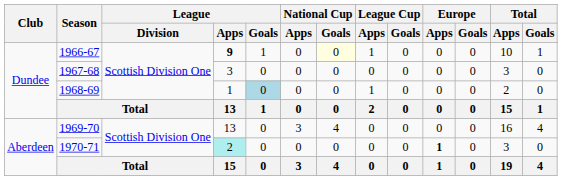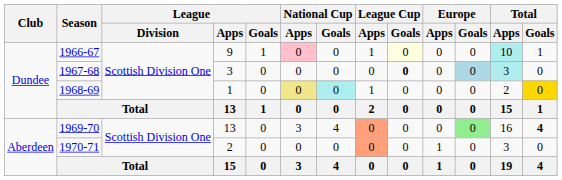 <table class="wikitable" style="text-align:center">
 <tr>
 <th rowspan="2">Club</th>
 <th rowspan="2">Season</th>
 <th colspan="3">League</th>
 <th colspan="2">National Cup</th>
 <th colspan="2">League Cup</th>
 <th colspan="2">Europe</th>
 <th colspan="2">Total</th>
 </tr>
 <tr>
 <th>Division</th>
 <th>Apps</th>
 <th>Goals</th>
 <th>Apps</th>
 <th>Goals</th>
 <th>Apps</th>
 <th>Goals</th>
 <th>Apps</th>
 <th>Goals</th>
 <th>Apps</th>
 <th>Goals</th>
 </tr>
 <tr>
 <td rowspan="4"><a href='#'>Dundee</a></td>
 <td><a href='#'>1966-67</a></td>
 <td rowspan="3"><a href='#'>Scottish Division One</a></td>
-<td><strong>9</strong></td>
+<td>9</td>
 <td>1</td>
+<td style="background: pink;">0</td>
 <td>0</td>
+<td>1</td>
 <td style="background: lightyellow;">0</td>
-<td>1</td>
 <td>0</td>
 <td>0</td>
-<td>0</td>
-<td>10</td>
+<td style="background: paleturquoise;">10</td>
 <td>1</td>
 </tr>
 <tr>
 <td><a href='#'>1967-68</a></td>
 <td>3</td>
 <td>0</td>
 <td>0</td>
 <td>0</td>
 <td>0</td>
+<td><strong>0</strong></td>
 <td>0</td>
-<td>0</td>
-<td>0</td>
-<td>3</td>
+<td style="background: lightblue;">0</td>
+<td style="background: paleturquoise;">3</td>
 <td>0</td>
 </tr>
 <tr>
 <td><a href='#'>1968-69</a></td>
 <td>1</td>
-<td style="background: lightblue;">0</td>
 <td>0</td>
-<td>0</td>
+<td style="background: khaki;">0</td>
+<td style="background: paleturquoise;">0</td>
 <td>1</td>
 <td>0</td>
 <td>0</td>
 <td>0</td>
 <td>2</td>
-<td>0</td>
+<td style="background: gold;">0</td>
 </tr>
 <tr>
 <th colspan="2">Total</th>
 <th>13</th>
 <th>1</th>
 <th>0</th>
 <th>0</th>
 <th>2</th>
 <th>0</th>
 <th>0</th>
 <th>0</th>
 <th>15</th>
 <th>1</th>
 </tr>
 <tr>
 <td rowspan="3"><a href='#'>Aberdeen</a></td>
 <td><a href='#'>1969-70</a></td>
 <td rowspan="2"><a href='#'>Scottish Division One</a></td>
 <td>13</td>
 <td>0</td>
 <td>3</td>
 <td>4</td>
+<td style="background: lightsalmon;">0</td>
+<td>0</td>
+<td>0</td>
+<td style="background: lightgreen;">0</td>
+<td>16</td>
+<td><strong>4</strong></td>
+</tr>
+<tr>
+<td><a href='#'>1970-71</a></td>
+<td>2</td>
 <td>0</td>
 <td>0</td>
 <td>0</td>
+<td style="background: lightsalmon;">0</td>
 <td>0</td>
-<td>16</td>
-<td>4</td>
-</tr>
-<tr>
-<td><a href='#'>1970-71</a></td>
-<td style="background: paleturquoise;">2</td>
-<td>0</td>
-<td>0</td>
-<td>0</td>
-<td>0</td>
-<td>0</td>
-<td><strong>1</strong></td>
+<td>1</td>
 <td>0</td>
 <td>3</td>
 <td>0</td>
 </tr>
 <tr>
 <th colspan="2">Total</th>
 <th>15</th>
 <th>0</th>
 <th>3</th>
 <th>4</th>
 <th>0</th>
 <th>0</th>
 <th>1</th>
 <th>0</th>
 <th>19</th>
 <th>4</th>
 </tr>
 </table>
